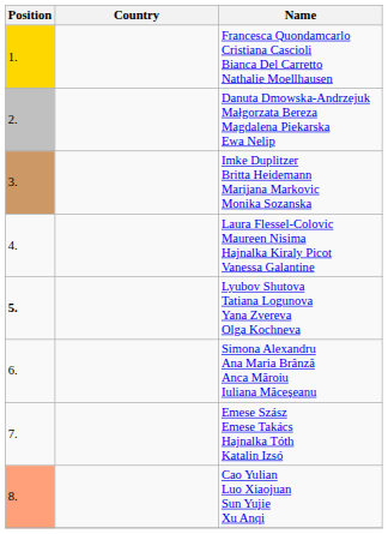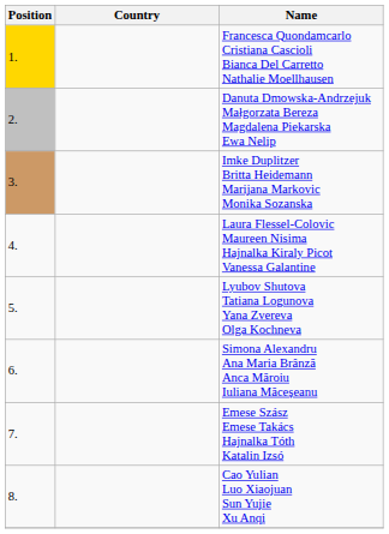 <table class="wikitable">
 <tr>
 <th width="10">Position</th>
 <th width="200">Country</th>
 <th width="200">Name</th>
 </tr>
 <tr>
 <td bgcolor="gold">1.</td>
 <td></td>
 <td><a href='#'>Francesca Quondamcarlo</a> <br> <a href='#'>Cristiana Cascioli</a> <br> <a href='#'>Bianca Del Carretto</a><br> <a href='#'>Nathalie Moellhausen</a></td>
 </tr>
 <tr>
 <td bgcolor="silver">2.</td>
 <td></td>
 <td><a href='#'> Danuta Dmowska-Andrzejuk</a> <br> <a href='#'>Małgorzata Bereza</a><br> <a href='#'>Magdalena Piekarska</a> <br> <a href='#'>Ewa Nelip</a></td>
 </tr>
 <tr>
 <td bgcolor="#CC9966">3.</td>
 <td></td>
 <td><a href='#'>Imke Duplitzer</a> <br> <a href='#'>Britta Heidemann</a> <br> <a href='#'>Marijana Markovic</a><br> <a href='#'>Monika Sozanska</a></td>
 </tr>
 <tr>
 <td>4.</td>
 <td></td>
 <td><a href='#'>Laura Flessel-Colovic</a> <br> <a href='#'>Maureen Nisima</a> <br> <a href='#'>Hajnalka Kiraly Picot</a> <br> <a href='#'>Vanessa Galantine</a></td>
 </tr>
 <tr>
-<td><strong>5.</strong></td>
+<td>5.</td>
 <td></td>
 <td><a href='#'>Lyubov Shutova</a> <br> <a href='#'>Tatiana Logunova</a> <br> <a href='#'>Yana Zvereva</a> <br> <a href='#'>Olga Kochneva</a></td>
 </tr>
 <tr>
 <td>6.</td>
 <td></td>
 <td><a href='#'>Simona Alexandru</a> <br> <a href='#'>Ana Maria Brânză</a> <br> <a href='#'>Anca Măroiu</a> <br> <a href='#'>Iuliana Măceșeanu</a></td>
 </tr>
 <tr>
 <td>7.</td>
 <td></td>
 <td><a href='#'>Emese Szász</a> <br> <a href='#'>Emese Takács</a> <br> <a href='#'>Hajnalka Tóth</a> <br> <a href='#'>Katalin Izsó</a></td>
 </tr>
 <tr>
-<td style="background: lightsalmon;">8.</td>
+<td>8.</td>
 <td></td>
 <td><a href='#'>Cao Yulian</a> <br> <a href='#'>Luo Xiaojuan</a> <br> <a href='#'>Sun Yujie</a> <br> <a href='#'>Xu Anqi</a></td>
 </tr>
 <tr>
 </tr>
 </table>
